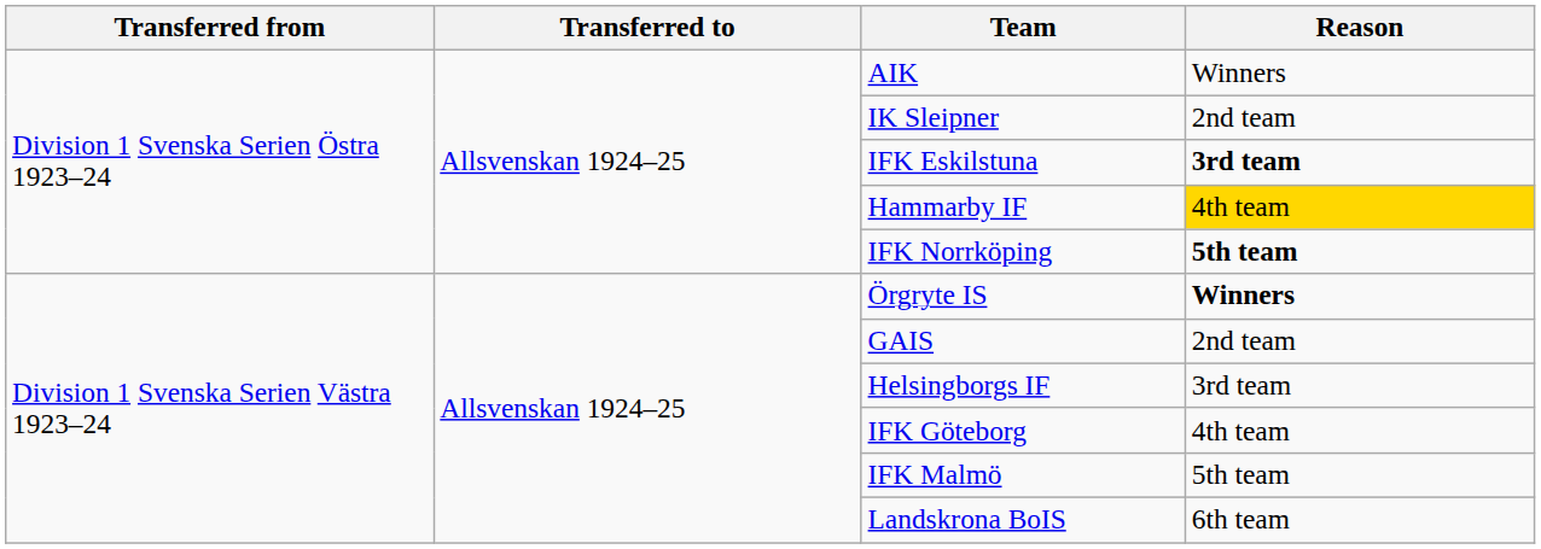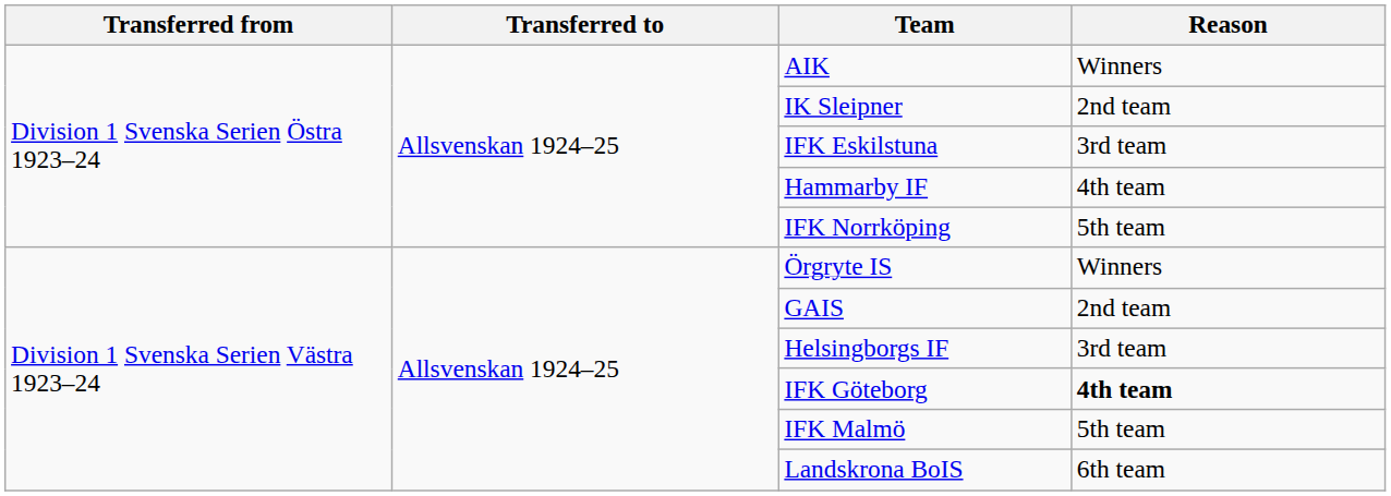 <table class="wikitable" style="text-align: left;">
 <tr>
 <th style="width: 275px;">Transferred from</th>
 <th style="width: 275px;">Transferred to</th>
 <th style="width: 200px;">Team</th>
 <th style="width: 225px;">Reason</th>
 </tr>
 <tr>
 <td rowspan=5><a href='#'>Division 1</a> <a href='#'>Svenska Serien</a> <a href='#'>Östra</a> 1923–24</td>
 <td rowspan=5><a href='#'>Allsvenskan</a> 1924–25</td>
 <td><a href='#'>AIK</a></td>
 <td>Winners</td>
 </tr>
 <tr>
 <td><a href='#'>IK Sleipner</a></td>
 <td>2nd team</td>
 </tr>
 <tr>
 <td><a href='#'>IFK Eskilstuna</a></td>
-<td><strong>3rd team</strong></td>
+<td>3rd team</td>
 </tr>
 <tr>
 <td><a href='#'>Hammarby IF</a></td>
-<td style="background: gold;">4th team</td>
+<td>4th team</td>
 </tr>
 <tr>
 <td><a href='#'>IFK Norrköping</a></td>
-<td><strong>5th team</strong></td>
+<td>5th team</td>
 </tr>
 <tr>
 <td rowspan=6><a href='#'>Division 1</a> <a href='#'>Svenska Serien</a> <a href='#'>Västra</a> 1923–24</td>
 <td rowspan=6><a href='#'>Allsvenskan</a> 1924–25</td>
 <td><a href='#'>Örgryte IS</a></td>
-<td><strong>Winners</strong></td>
+<td>Winners</td>
 </tr>
 <tr>
 <td><a href='#'>GAIS</a></td>
 <td>2nd team</td>
 </tr>
 <tr>
 <td><a href='#'>Helsingborgs IF</a></td>
 <td>3rd team</td>
 </tr>
 <tr>
 <td><a href='#'>IFK Göteborg</a></td>
-<td>4th team</td>
+<td><strong>4th team</strong></td>
 </tr>
 <tr>
 <td><a href='#'>IFK Malmö</a></td>
 <td>5th team</td>
 </tr>
 <tr>
 <td><a href='#'>Landskrona BoIS</a></td>
 <td>6th team</td>
 </tr>
 </table>
